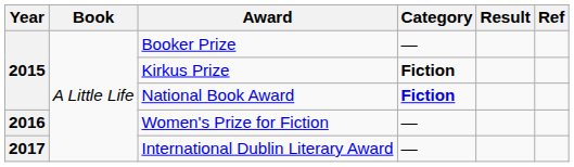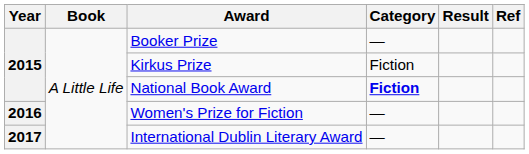 <table class="wikitable sortable">
 <tr>
 <th>Year</th>
 <th>Book</th>
 <th>Award</th>
 <th>Category</th>
 <th>Result</th>
 <th>Ref</th>
 </tr>
 <tr>
 <th rowspan="3">2015</th>
 <td rowspan="5"><em>A Little Life</em></td>
 <td><a href='#'>Booker Prize</a></td>
 <td>—</td>
 <td></td>
 <td></td>
 </tr>
 <tr>
 <td><a href='#'>Kirkus Prize</a></td>
-<td><strong>Fiction</strong></td>
+<td>Fiction</td>
 <td></td>
 <td></td>
 </tr>
 <tr>
 <td><a href='#'>National Book Award</a></td>
 <td><strong><a href='#'>Fiction</a></strong></td>
 <td></td>
 <td></td>
 </tr>
 <tr>
 <th>2016</th>
 <td><a href='#'>Women's Prize for Fiction</a></td>
 <td>—</td>
 <td></td>
 <td></td>
 </tr>
 <tr>
 <th>2017</th>
 <td><a href='#'>International Dublin Literary Award</a></td>
 <td>—</td>
 <td></td>
 <td></td>
 </tr>
 </table>
